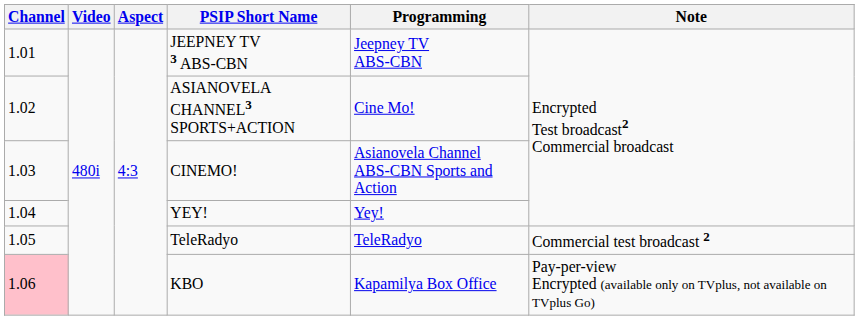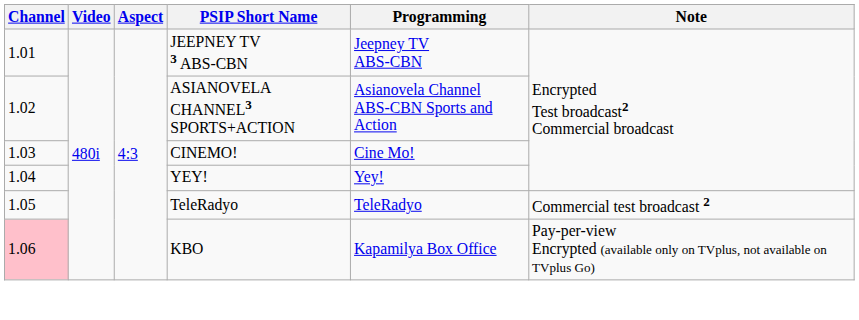 <table class="wikitable">
 <tr ABS>
 <th><a href='#'>Channel</a></th>
 <th><a href='#'>Video</a></th>
 <th><a href='#'>Aspect</a></th>
 <th><a href='#'>PSIP Short Name</a></th>
 <th>Programming</th>
 <th>Note</th>
 </tr>
 <tr>
 <td>1.01</td>
 <td rowspan="6"><a href='#'>480i</a></td>
 <td rowspan="7"><a href='#'>4:3</a></td>
 <td>JEEPNEY TV<br><sup><strong>3</strong></sup> ABS-CBN</td>
 <td><a href='#'>Jeepney TV</a><br><a href='#'>ABS-CBN</a></td>
 <td rowspan="4">Encrypted<br>Test broadcast<sup><strong>2</strong></sup><br>Commercial broadcast</td>
 </tr>
 <tr>
 <td>1.02</td>
 <td>ASIANOVELA CHANNEL<sup><strong>3</strong></sup><br>SPORTS+ACTION</td>
-<td><a href='#'>Cine Mo!</a></td>
+<td><a href='#'>Asianovela Channel</a><br><a href='#'>ABS-CBN Sports and Action</a></td>
 </tr>
 <tr>
 <td>1.03</td>
 <td>CINEMO!</td>
-<td><a href='#'>Asianovela Channel</a><br><a href='#'>ABS-CBN Sports and Action</a></td>
+<td><a href='#'>Cine Mo!</a></td>
 </tr>
 <tr>
 <td>1.04</td>
 <td>YEY!</td>
 <td><a href='#'>Yey!</a></td>
 </tr>
 <tr>
 <td>1.05</td>
 <td>TeleRadyo</td>
 <td><a href='#'>TeleRadyo</a></td>
 <td>Commercial test broadcast <sup><strong>2</strong></sup></td>
 </tr>
 <tr>
 <td style="background: pink;">1.06</td>
 <td>KBO</td>
 <td><a href='#'>Kapamilya Box Office</a></td>
 <td>Pay-per-view<br>Encrypted <small>(available only on TVplus, not available on TVplus Go)</small></td>
 </tr>
 </table>
